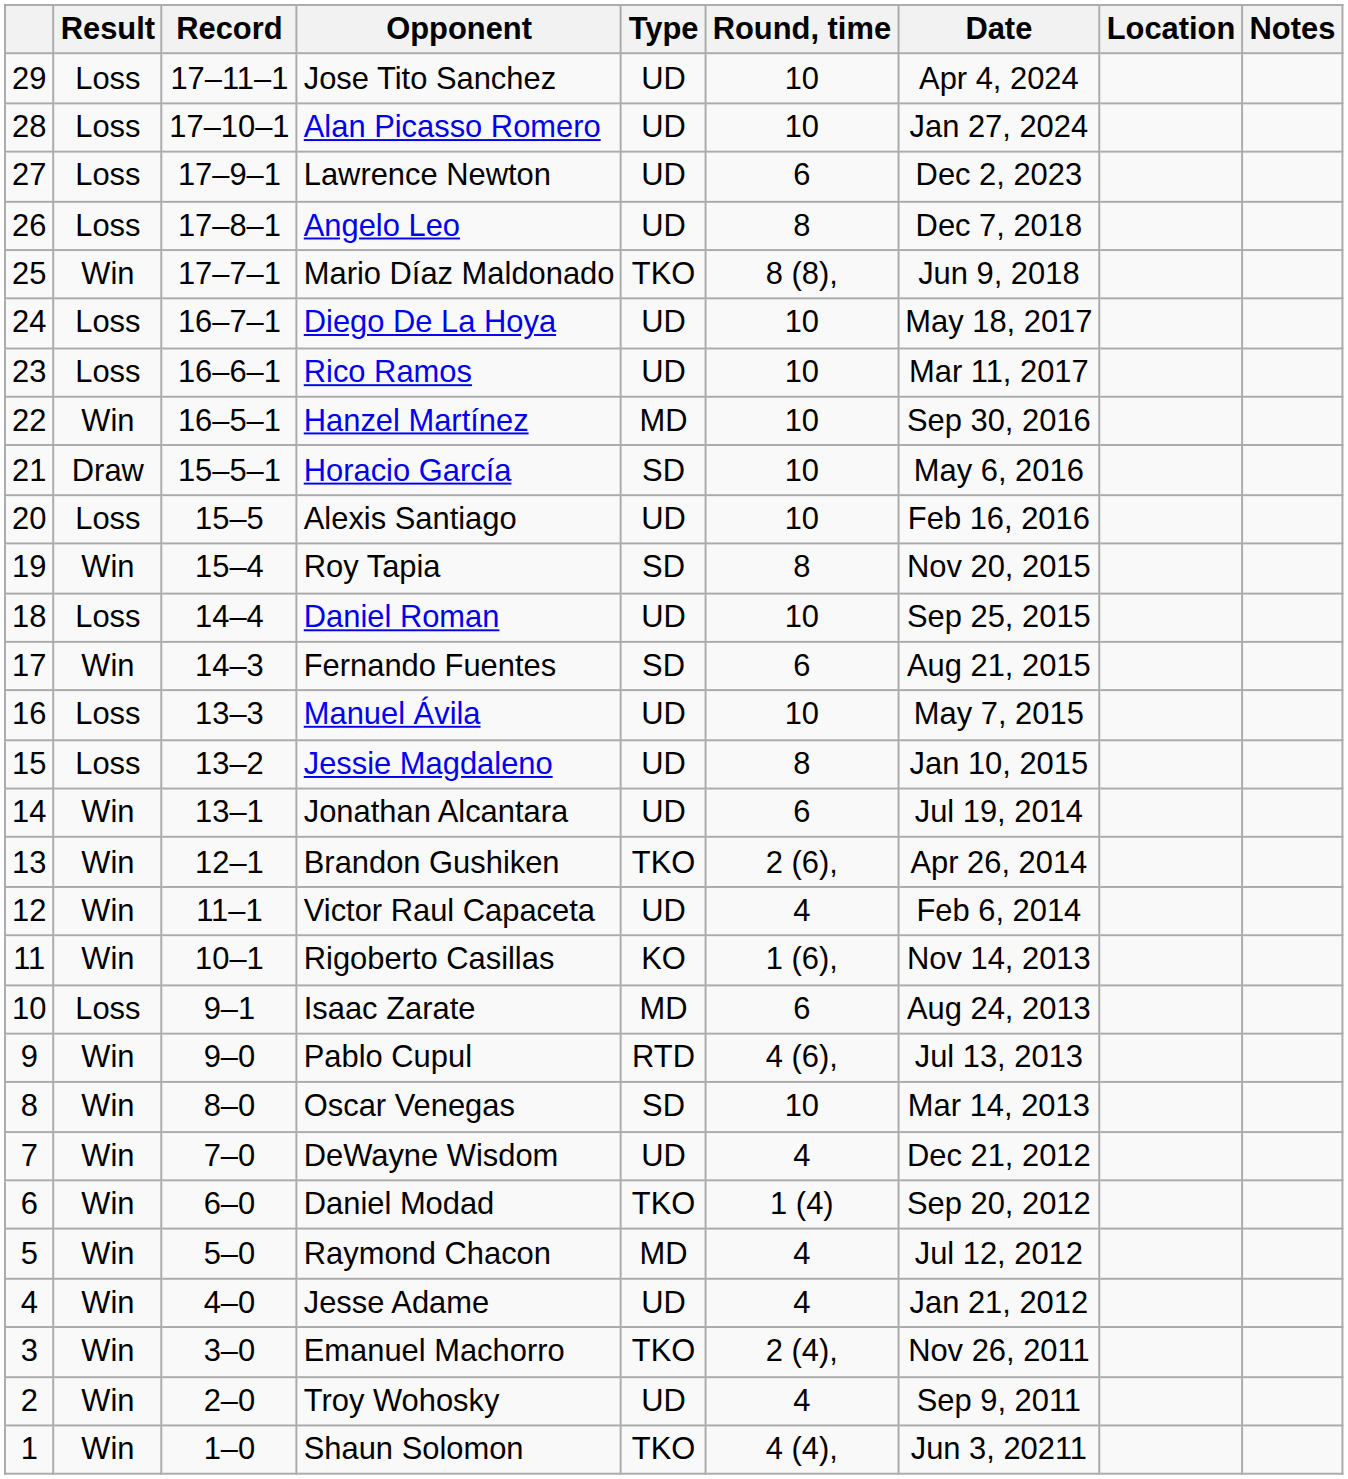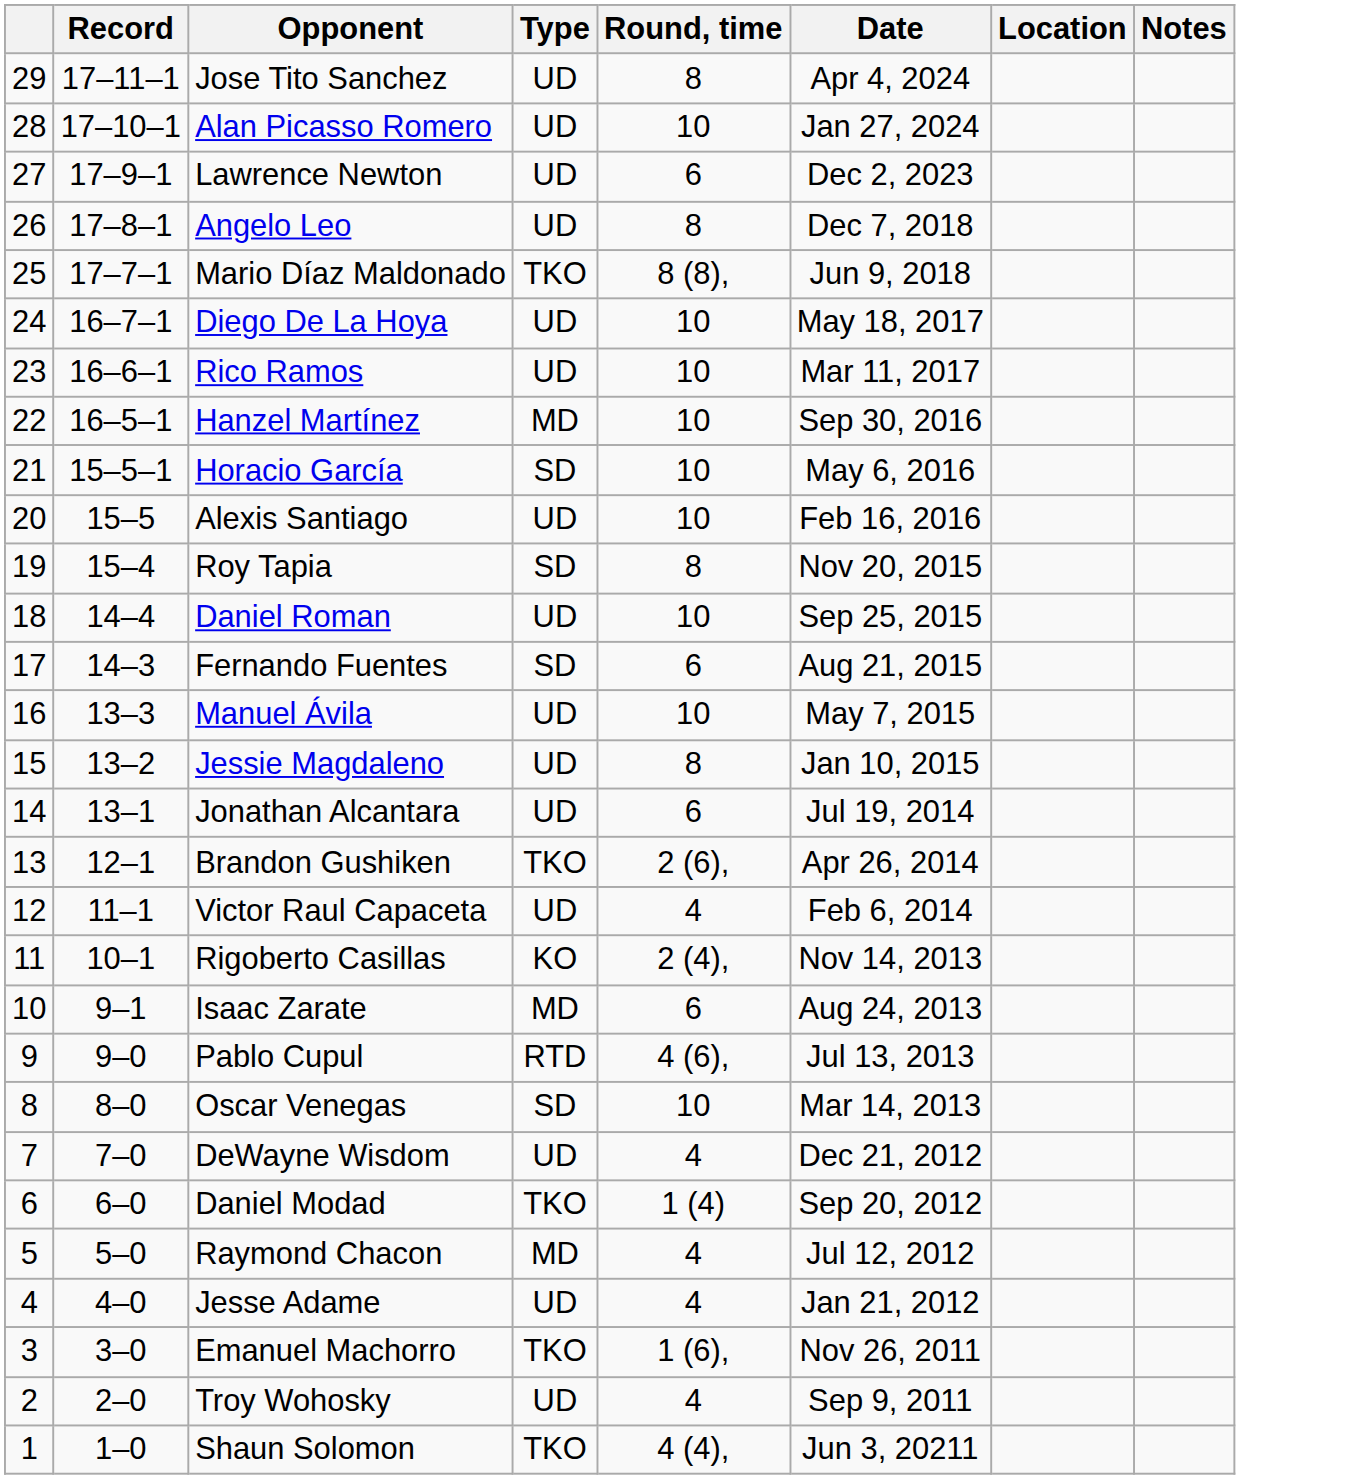 <table class="wikitable" style="text-align:center">
 <tr>
 <th></th>
-<th>Result</th>
 <th>Record</th>
 <th>Opponent</th>
 <th>Type</th>
 <th>Round, time</th>
 <th>Date</th>
 <th>Location</th>
 <th>Notes</th>
 </tr>
 <tr>
 <td>29</td>
-<td>Loss</td>
 <td>17–11–1</td>
 <td align=left>Jose Tito Sanchez</td>
 <td>UD</td>
-<td>10</td>
+<td>8</td>
 <td>Apr 4, 2024</td>
 <td align=left></td>
 <td></td>
 </tr>
 <tr>
 <td>28</td>
-<td>Loss</td>
 <td>17–10–1</td>
 <td align=left><a href='#'>Alan Picasso Romero</a></td>
 <td>UD</td>
 <td>10</td>
 <td>Jan 27, 2024</td>
 <td align=left></td>
 <td></td>
 </tr>
 <tr>
 <td>27</td>
-<td>Loss</td>
 <td>17–9–1</td>
 <td align=left>Lawrence Newton</td>
 <td>UD</td>
 <td>6</td>
 <td>Dec 2, 2023</td>
 <td align=left></td>
 <td></td>
 </tr>
 <tr>
 <td>26</td>
-<td>Loss</td>
 <td>17–8–1</td>
 <td align=left><a href='#'>Angelo Leo</a></td>
 <td>UD</td>
 <td>8</td>
 <td>Dec 7, 2018</td>
 <td align=left></td>
 <td></td>
 </tr>
 <tr>
 <td>25</td>
-<td>Win</td>
 <td>17–7–1</td>
 <td align=left>Mario Díaz Maldonado</td>
 <td>TKO</td>
 <td>8 (8), </td>
 <td>Jun 9, 2018</td>
 <td align=left></td>
 <td></td>
 </tr>
 <tr>
 <td>24</td>
-<td>Loss</td>
 <td>16–7–1</td>
 <td align=left><a href='#'>Diego De La Hoya</a></td>
 <td>UD</td>
 <td>10</td>
 <td>May 18, 2017</td>
 <td align=left></td>
 <td></td>
 </tr>
 <tr>
 <td>23</td>
-<td>Loss</td>
 <td>16–6–1</td>
 <td align=left><a href='#'>Rico Ramos</a></td>
 <td>UD</td>
 <td>10</td>
 <td>Mar 11, 2017</td>
 <td align=left></td>
 <td></td>
 </tr>
 <tr>
 <td>22</td>
-<td>Win</td>
 <td>16–5–1</td>
 <td align=left><a href='#'>Hanzel Martínez</a></td>
 <td>MD</td>
 <td>10</td>
 <td>Sep 30, 2016</td>
 <td align=left></td>
 <td></td>
 </tr>
 <tr>
 <td>21</td>
-<td>Draw</td>
 <td>15–5–1</td>
 <td align=left><a href='#'>Horacio García</a></td>
 <td>SD</td>
 <td>10</td>
 <td>May 6, 2016</td>
 <td align=left></td>
 <td align=left></td>
 </tr>
 <tr>
 <td>20</td>
-<td>Loss</td>
 <td>15–5</td>
 <td align=left>Alexis Santiago</td>
 <td>UD</td>
 <td>10</td>
 <td>Feb 16, 2016</td>
 <td align=left></td>
 <td></td>
 </tr>
 <tr>
 <td>19</td>
-<td>Win</td>
 <td>15–4</td>
 <td align=left>Roy Tapia</td>
 <td>SD</td>
 <td>8</td>
 <td>Nov 20, 2015</td>
 <td align=left></td>
 <td></td>
 </tr>
 <tr>
 <td>18</td>
-<td>Loss</td>
 <td>14–4</td>
 <td align=left><a href='#'>Daniel Roman</a></td>
 <td>UD</td>
 <td>10</td>
 <td>Sep 25, 2015</td>
 <td align=left></td>
 <td align=left></td>
 </tr>
 <tr>
 <td>17</td>
-<td>Win</td>
 <td>14–3</td>
 <td align=left>Fernando Fuentes</td>
 <td>SD</td>
 <td>6</td>
 <td>Aug 21, 2015</td>
 <td align=left></td>
 <td></td>
 </tr>
 <tr>
 <td>16</td>
-<td>Loss</td>
 <td>13–3</td>
 <td align=left><a href='#'>Manuel Ávila</a></td>
 <td>UD</td>
 <td>10</td>
 <td>May 7, 2015</td>
 <td align=left></td>
 <td></td>
 </tr>
 <tr>
 <td>15</td>
-<td>Loss</td>
 <td>13–2</td>
 <td align=left><a href='#'>Jessie Magdaleno</a></td>
 <td>UD</td>
 <td>8</td>
 <td>Jan 10, 2015</td>
 <td align=left></td>
 <td align=left></td>
 </tr>
 <tr>
 <td>14</td>
-<td>Win</td>
 <td>13–1</td>
 <td align=left>Jonathan Alcantara</td>
 <td>UD</td>
 <td>6</td>
 <td>Jul 19, 2014</td>
 <td align=left></td>
 <td></td>
 </tr>
 <tr>
 <td>13</td>
-<td>Win</td>
 <td>12–1</td>
 <td align=left>Brandon Gushiken</td>
 <td>TKO</td>
 <td>2 (6), </td>
 <td>Apr 26, 2014</td>
 <td align=left></td>
 <td></td>
 </tr>
 <tr>
 <td>12</td>
-<td>Win</td>
 <td>11–1</td>
 <td align=left>Victor Raul Capaceta</td>
 <td>UD</td>
 <td>4</td>
 <td>Feb 6, 2014</td>
 <td align=left></td>
 <td></td>
 </tr>
 <tr>
 <td>11</td>
-<td>Win</td>
 <td>10–1</td>
 <td align=left>Rigoberto Casillas</td>
 <td>KO</td>
-<td>1 (6), </td>
+<td>2 (4), </td>
 <td>Nov 14, 2013</td>
 <td align=left></td>
 <td></td>
 </tr>
 <tr>
 <td>10</td>
-<td>Loss</td>
 <td>9–1</td>
 <td align=left>Isaac Zarate</td>
 <td>MD</td>
 <td>6</td>
 <td>Aug 24, 2013</td>
 <td align=left></td>
 <td></td>
 </tr>
 <tr>
 <td>9</td>
-<td>Win</td>
 <td>9–0</td>
 <td align=left>Pablo Cupul</td>
 <td>RTD</td>
 <td>4 (6), </td>
 <td>Jul 13, 2013</td>
 <td align=left></td>
 <td></td>
 </tr>
 <tr>
 <td>8</td>
-<td>Win</td>
 <td>8–0</td>
 <td align=left>Oscar Venegas</td>
 <td>SD</td>
 <td>10</td>
 <td>Mar 14, 2013</td>
 <td align=left></td>
 <td></td>
 </tr>
 <tr>
 <td>7</td>
-<td>Win</td>
 <td>7–0</td>
 <td align=left>DeWayne Wisdom</td>
 <td>UD</td>
 <td>4</td>
 <td>Dec 21, 2012</td>
 <td align=left></td>
 <td></td>
 </tr>
 <tr>
 <td>6</td>
-<td>Win</td>
 <td>6–0</td>
 <td align=left>Daniel Modad</td>
 <td>TKO</td>
 <td>1 (4)</td>
 <td>Sep 20, 2012</td>
 <td align=left></td>
 <td></td>
 </tr>
 <tr>
 <td>5</td>
-<td>Win</td>
 <td>5–0</td>
 <td align=left>Raymond Chacon</td>
 <td>MD</td>
 <td>4</td>
 <td>Jul 12, 2012</td>
 <td align=left></td>
 <td></td>
 </tr>
 <tr>
 <td>4</td>
-<td>Win</td>
 <td>4–0</td>
 <td align=left>Jesse Adame</td>
 <td>UD</td>
 <td>4</td>
 <td>Jan 21, 2012</td>
 <td align=left></td>
 <td></td>
 </tr>
 <tr>
 <td>3</td>
-<td>Win</td>
 <td>3–0</td>
 <td align=left>Emanuel Machorro</td>
 <td>TKO</td>
-<td>2 (4), </td>
+<td>1 (6), </td>
 <td>Nov 26, 2011</td>
 <td align=left></td>
 <td></td>
 </tr>
 <tr>
 <td>2</td>
-<td>Win</td>
 <td>2–0</td>
 <td align=left>Troy Wohosky</td>
 <td>UD</td>
 <td>4</td>
 <td>Sep 9, 2011</td>
 <td align=left></td>
 <td></td>
 </tr>
 <tr>
 <td>1</td>
-<td>Win</td>
 <td>1–0</td>
 <td align=left>Shaun Solomon</td>
 <td>TKO</td>
 <td>4 (4), </td>
 <td>Jun 3, 20211</td>
 <td align=left></td>
 <td></td>
 </tr>
 </table>
